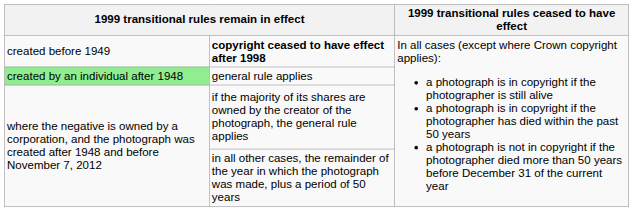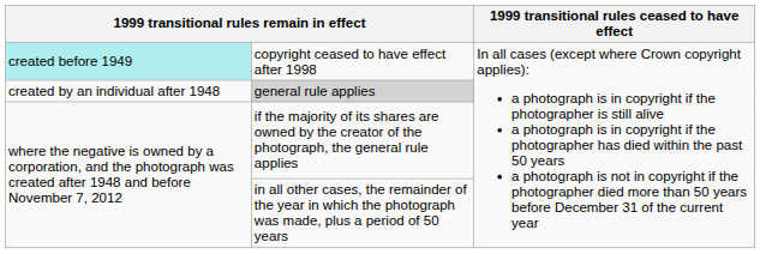 <table class="wikitable">
 <tr>
 <th colspan="2">1999 transitional rules remain in effect</th>
 <th>1999 transitional rules ceased to have effect</th>
 </tr>
 <tr>
-<td>created before 1949</td>
-<td><strong>copyright ceased to have effect after 1998</strong></td>
+<td style="background: paleturquoise;">created before 1949</td>
+<td>copyright ceased to have effect after 1998</td>
 <td rowspan="4">In all cases (except where Crown copyright applies):<br><ul><li>a photograph is in copyright if the photographer is still alive</li><li>a photograph is in copyright if the photographer has died within the past 50 years</li><li>a photograph is not in copyright if the photographer died more than 50 years before December 31 of the current year</li></ul></td>
 </tr>
 <tr>
-<td style="background: lightgreen;">created by an individual after 1948</td>
-<td>general rule applies</td>
+<td>created by an individual after 1948</td>
+<td style="background: lightgrey;">general rule applies</td>
 </tr>
 <tr>
 <td rowspan="2">where the negative is owned by a corporation, and the photograph was created after 1948 and before November 7, 2012</td>
 <td>if the majority of its shares are owned by the creator of the photograph, the general rule applies</td>
 </tr>
 <tr>
 <td>in all other cases, the remainder of the year in which the photograph was made, plus a period of 50 years</td>
 </tr>
 </table>
